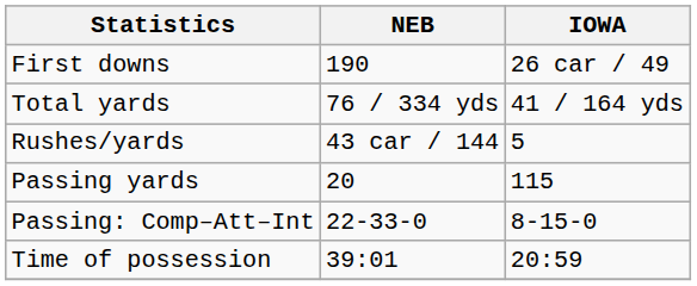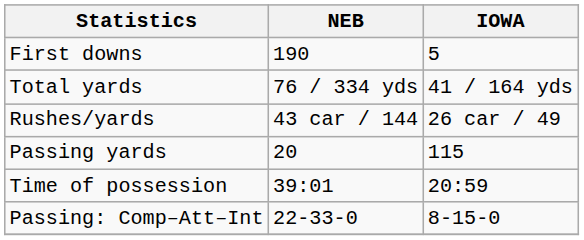 <table class="wikitable" style="float: left;">
 <tr>
 <th>Statistics</th>
 <th>NEB</th>
 <th>IOWA</th>
 </tr>
 <tr>
 <td>First downs</td>
 <td>190</td>
-<td>26 car / 49</td>
+<td>5</td>
 </tr>
 <tr>
 <td>Total yards</td>
 <td>76 / 334 yds</td>
 <td>41 / 164 yds</td>
 </tr>
 <tr>
 <td>Rushes/yards</td>
 <td>43 car / 144</td>
-<td>5</td>
+<td>26 car / 49</td>
 </tr>
 <tr>
 <td>Passing yards</td>
 <td>20</td>
 <td>115</td>
 </tr>
 <tr>
+<td>Time of possession</td>
+<td>39:01</td>
+<td>20:59</td>
+</tr>
+<tr>
 <td>Passing: Comp–Att–Int</td>
 <td>22-33-0</td>
 <td>8-15-0</td>
 </tr>
 <tr>
-<td>Time of possession</td>
-<td>39:01</td>
-<td>20:59</td>
-</tr>
-<tr>
 </tr>
 </table>
